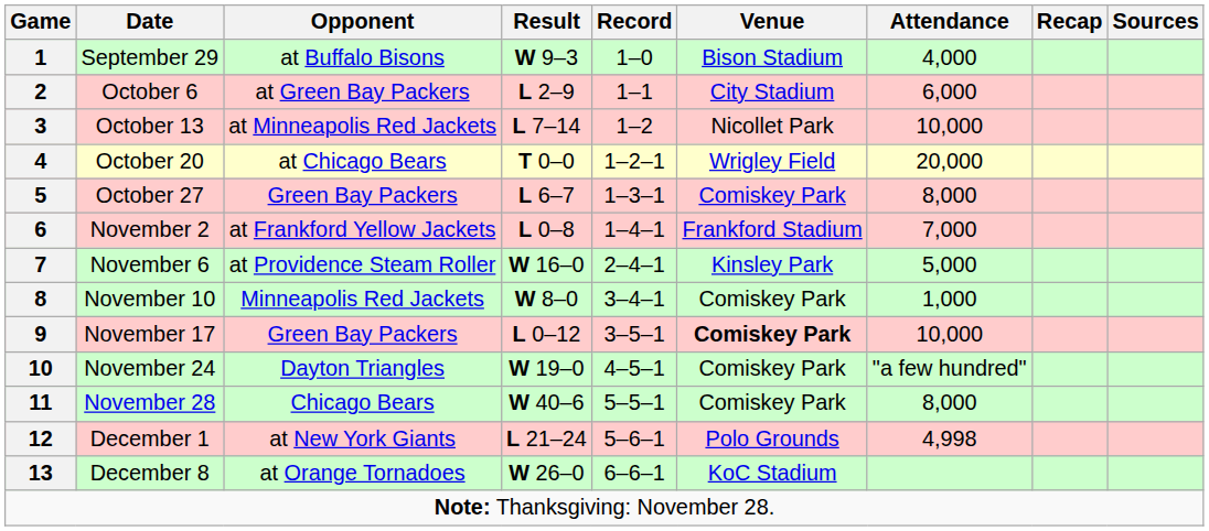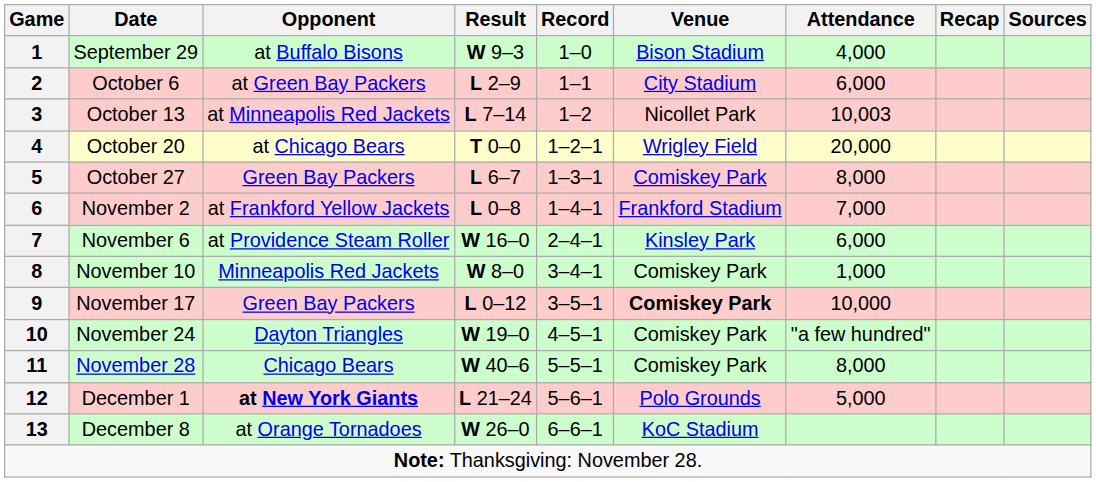 <table class="wikitable" style="text-align:center">
 <tr>
 <th>Game</th>
 <th>Date</th>
 <th>Opponent</th>
 <th>Result</th>
 <th>Record</th>
 <th>Venue</th>
 <th>Attendance</th>
 <th>Recap</th>
 <th>Sources</th>
 </tr>
 <tr style="background:#cfc">
 <th>1</th>
 <td>September 29</td>
 <td>at <a href='#'>Buffalo Bisons</a></td>
 <td><strong>W</strong> 9–3</td>
 <td>1–0</td>
 <td><a href='#'>Bison Stadium</a></td>
 <td>4,000</td>
 <td></td>
 <td></td>
 </tr>
 <tr style="background:#fcc">
 <th>2</th>
 <td>October 6</td>
 <td>at <a href='#'>Green Bay Packers</a></td>
 <td><strong>L</strong> 2–9</td>
 <td>1–1</td>
 <td><a href='#'>City Stadium</a></td>
 <td>6,000</td>
 <td></td>
 <td></td>
 </tr>
 <tr style="background:#fcc">
 <th>3</th>
 <td>October 13</td>
 <td>at <a href='#'>Minneapolis Red Jackets</a></td>
 <td><strong>L</strong> 7–14</td>
 <td>1–2</td>
 <td>Nicollet Park</td>
-<td>10,000</td>
+<td>10,003</td>
 <td></td>
 <td></td>
 </tr>
 <tr style="background:#ffc">
 <th>4</th>
 <td>October 20</td>
 <td>at <a href='#'>Chicago Bears</a></td>
 <td><strong>T</strong> 0–0</td>
 <td>1–2–1</td>
 <td><a href='#'>Wrigley Field</a></td>
 <td>20,000</td>
 <td></td>
 <td></td>
 </tr>
 <tr style="background:#fcc">
 <th>5</th>
 <td>October 27</td>
 <td><a href='#'>Green Bay Packers</a></td>
 <td><strong>L</strong> 6–7</td>
 <td>1–3–1</td>
 <td><a href='#'>Comiskey Park</a></td>
 <td>8,000</td>
 <td></td>
 <td></td>
 </tr>
 <tr style="background:#fcc">
 <th>6</th>
 <td>November 2</td>
 <td>at <a href='#'>Frankford Yellow Jackets</a></td>
 <td><strong>L</strong> 0–8</td>
 <td>1–4–1</td>
 <td><a href='#'>Frankford Stadium</a></td>
 <td>7,000</td>
 <td></td>
 <td></td>
 </tr>
 <tr style="background:#cfc">
 <th>7</th>
 <td>November 6</td>
 <td>at <a href='#'>Providence Steam Roller</a></td>
 <td><strong>W</strong> 16–0</td>
 <td>2–4–1</td>
 <td><a href='#'>Kinsley Park</a></td>
-<td>5,000</td>
+<td>6,000</td>
 <td></td>
 <td></td>
 </tr>
 <tr style="background:#cfc">
 <th>8</th>
 <td>November 10</td>
 <td><a href='#'>Minneapolis Red Jackets</a></td>
 <td><strong>W</strong> 8–0</td>
 <td>3–4–1</td>
 <td>Comiskey Park</td>
 <td>1,000</td>
 <td></td>
 <td></td>
 </tr>
 <tr style="background:#fcc">
 <th>9</th>
 <td>November 17</td>
 <td><a href='#'>Green Bay Packers</a></td>
 <td><strong>L</strong> 0–12</td>
 <td>3–5–1</td>
 <td><strong>Comiskey Park</strong></td>
 <td>10,000</td>
 <td></td>
 <td></td>
 </tr>
 <tr style="background:#cfc">
 <th>10</th>
 <td>November 24</td>
 <td><a href='#'>Dayton Triangles</a></td>
 <td><strong>W</strong> 19–0</td>
 <td>4–5–1</td>
 <td>Comiskey Park</td>
 <td>"a few hundred"</td>
 <td></td>
 <td></td>
 </tr>
 <tr style="background:#cfc">
 <th>11</th>
 <td><a href='#'>November 28</a></td>
 <td><a href='#'>Chicago Bears</a></td>
 <td><strong>W</strong> 40–6</td>
 <td>5–5–1</td>
 <td>Comiskey Park</td>
 <td>8,000</td>
 <td></td>
 <td></td>
 </tr>
 <tr style="background:#fcc">
 <th>12</th>
 <td>December 1</td>
-<td>at <a href='#'>New York Giants</a></td>
+<td><strong>at <a href='#'>New York Giants</a></strong></td>
 <td><strong>L</strong> 21–24</td>
 <td>5–6–1</td>
 <td><a href='#'>Polo Grounds</a></td>
-<td>4,998</td>
+<td>5,000</td>
 <td></td>
 <td></td>
 </tr>
 <tr style="background:#cfc">
 <th>13</th>
 <td>December 8</td>
 <td>at <a href='#'>Orange Tornadoes</a></td>
 <td><strong>W</strong> 26–0</td>
 <td>6–6–1</td>
 <td><a href='#'>KoC Stadium</a></td>
 <td></td>
 <td></td>
 <td></td>
 </tr>
 <tr>
 <td colspan="10"><strong>Note:</strong> Thanksgiving: November 28.</td>
 </tr>
 </table>
